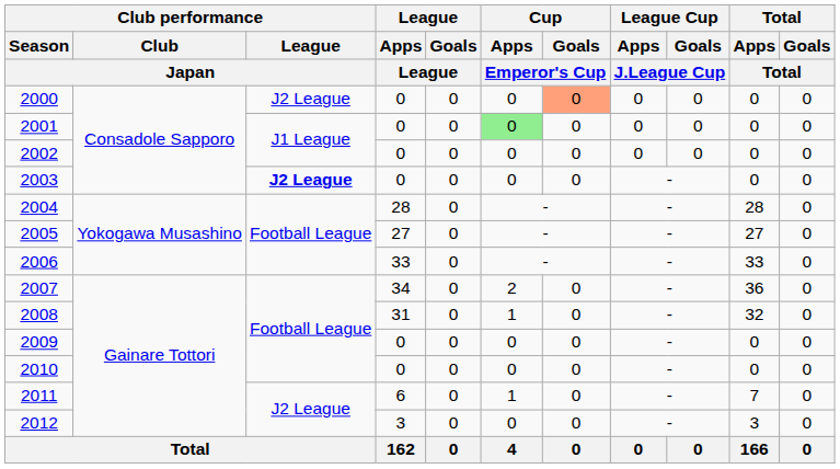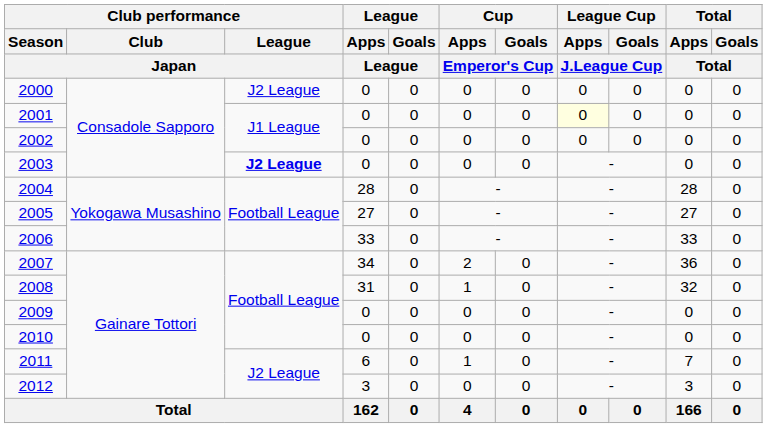 <table class="wikitable" style="text-align:center;">
 <tr>
 <th colspan=3>Club performance</th>
 <th colspan=2>League</th>
 <th colspan=2>Cup</th>
 <th colspan=2>League Cup</th>
 <th colspan=2>Total</th>
 </tr>
 <tr>
 <th>Season</th>
 <th>Club</th>
 <th>League</th>
 <th>Apps</th>
 <th>Goals</th>
 <th>Apps</th>
 <th>Goals</th>
 <th>Apps</th>
 <th>Goals</th>
 <th>Apps</th>
 <th>Goals</th>
 </tr>
 <tr>
 <th colspan=3>Japan</th>
 <th colspan=2>League</th>
 <th colspan=2><a href='#'>Emperor's Cup</a></th>
 <th colspan=2><a href='#'>J.League Cup</a></th>
 <th colspan=2>Total</th>
 </tr>
 <tr>
 <td><a href='#'>2000</a></td>
 <td rowspan="4"><a href='#'>Consadole Sapporo</a></td>
 <td><a href='#'>J2 League</a></td>
 <td>0</td>
 <td>0</td>
 <td>0</td>
-<td style="background: lightsalmon;">0</td>
+<td>0</td>
 <td>0</td>
 <td>0</td>
 <td>0</td>
 <td>0</td>
 </tr>
 <tr>
 <td><a href='#'>2001</a></td>
 <td rowspan="2"><a href='#'>J1 League</a></td>
 <td>0</td>
 <td>0</td>
-<td style="background: lightgreen;">0</td>
 <td>0</td>
 <td>0</td>
+<td style="background: lightyellow;">0</td>
 <td>0</td>
 <td>0</td>
 <td>0</td>
 </tr>
 <tr>
 <td><a href='#'>2002</a></td>
 <td>0</td>
 <td>0</td>
 <td>0</td>
 <td>0</td>
 <td>0</td>
 <td>0</td>
 <td>0</td>
 <td>0</td>
 </tr>
 <tr>
 <td><a href='#'>2003</a></td>
 <td><strong><a href='#'>J2 League</a></strong></td>
 <td>0</td>
 <td>0</td>
 <td>0</td>
 <td>0</td>
 <td colspan="2">-</td>
 <td>0</td>
 <td>0</td>
 </tr>
 <tr>
 <td><a href='#'>2004</a></td>
 <td rowspan="3"><a href='#'>Yokogawa Musashino</a></td>
 <td rowspan="3"><a href='#'>Football League</a></td>
 <td>28</td>
 <td>0</td>
 <td colspan="2">-</td>
 <td colspan="2">-</td>
 <td>28</td>
 <td>0</td>
 </tr>
 <tr>
 <td><a href='#'>2005</a></td>
 <td>27</td>
 <td>0</td>
 <td colspan="2">-</td>
 <td colspan="2">-</td>
 <td>27</td>
 <td>0</td>
 </tr>
 <tr>
 <td><a href='#'>2006</a></td>
 <td>33</td>
 <td>0</td>
 <td colspan="2">-</td>
 <td colspan="2">-</td>
 <td>33</td>
 <td>0</td>
 </tr>
 <tr>
 <td><a href='#'>2007</a></td>
 <td rowspan="6"><a href='#'>Gainare Tottori</a></td>
 <td rowspan="4"><a href='#'>Football League</a></td>
 <td>34</td>
 <td>0</td>
 <td>2</td>
 <td>0</td>
 <td colspan="2">-</td>
 <td>36</td>
 <td>0</td>
 </tr>
 <tr>
 <td><a href='#'>2008</a></td>
 <td>31</td>
 <td>0</td>
 <td>1</td>
 <td>0</td>
 <td colspan="2">-</td>
 <td>32</td>
 <td>0</td>
 </tr>
 <tr>
 <td><a href='#'>2009</a></td>
 <td>0</td>
 <td>0</td>
 <td>0</td>
 <td>0</td>
 <td colspan="2">-</td>
 <td>0</td>
 <td>0</td>
 </tr>
 <tr>
 <td><a href='#'>2010</a></td>
 <td>0</td>
 <td>0</td>
 <td>0</td>
 <td>0</td>
 <td colspan="2">-</td>
 <td>0</td>
 <td>0</td>
 </tr>
 <tr>
 <td><a href='#'>2011</a></td>
 <td rowspan="2"><a href='#'>J2 League</a></td>
 <td>6</td>
 <td>0</td>
 <td>1</td>
 <td>0</td>
 <td colspan="2">-</td>
 <td>7</td>
 <td>0</td>
 </tr>
 <tr>
 <td><a href='#'>2012</a></td>
 <td>3</td>
 <td>0</td>
 <td>0</td>
 <td>0</td>
 <td colspan="2">-</td>
 <td>3</td>
 <td>0</td>
 </tr>
 <tr>
 <th colspan=3>Total</th>
 <th>162</th>
 <th>0</th>
 <th>4</th>
 <th>0</th>
 <th>0</th>
 <th>0</th>
 <th>166</th>
 <th>0</th>
 </tr>
 </table>
